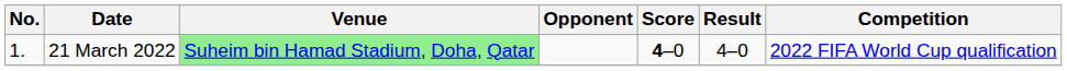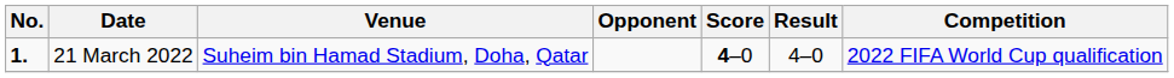 <table class="wikitable">
 <tr>
 <th>No.</th>
 <th>Date</th>
 <th>Venue</th>
 <th>Opponent</th>
 <th>Score</th>
 <th>Result</th>
 <th>Competition</th>
 </tr>
 <tr>
-<td>1.</td>
+<td><strong>1.</strong></td>
 <td>21 March 2022</td>
-<td style="background: lightgreen;"><a href='#'>Suheim bin Hamad Stadium</a>, <a href='#'>Doha</a>, <a href='#'>Qatar</a></td>
+<td><a href='#'>Suheim bin Hamad Stadium</a>, <a href='#'>Doha</a>, <a href='#'>Qatar</a></td>
 <td></td>
 <td align=center><strong>4</strong>–0</td>
 <td align=center>4–0</td>
 <td><a href='#'>2022 FIFA World Cup qualification</a></td>
 </tr>
 <tr>
 </tr>
 </table>
